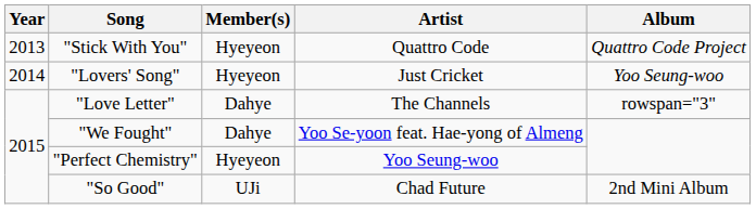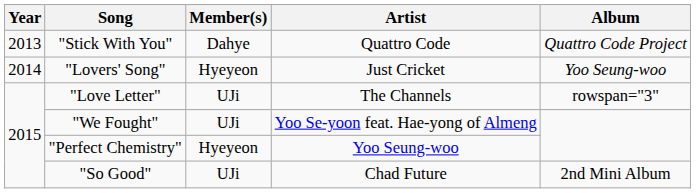 <table class="wikitable plainrowheaders" style="text-align:center">
 <tr>
 <th>Year</th>
 <th>Song</th>
 <th>Member(s)</th>
 <th>Artist</th>
 <th>Album</th>
 </tr>
 <tr>
 <td>2013</td>
 <td>"Stick With You"</td>
-<td>Hyeyeon</td>
+<td>Dahye</td>
 <td>Quattro Code</td>
 <td><em>Quattro Code Project</em></td>
 </tr>
 <tr>
 <td>2014</td>
 <td>"Lovers' Song"</td>
 <td>Hyeyeon</td>
 <td>Just Cricket</td>
 <td><em>Yoo Seung-woo</em></td>
 </tr>
 <tr>
 <td rowspan="4">2015</td>
 <td>"Love Letter"</td>
-<td>Dahye</td>
+<td>UJi</td>
 <td>The Channels</td>
 <td>rowspan="3" </td>
 </tr>
 <tr>
 <td>"We Fought"</td>
-<td>Dahye</td>
+<td>UJi</td>
 <td><a href='#'>Yoo Se-yoon</a> feat. Hae-yong of <a href='#'>Almeng</a></td>
 </tr>
 <tr>
 <td>"Perfect Chemistry"</td>
 <td>Hyeyeon</td>
 <td><a href='#'>Yoo Seung-woo</a></td>
 </tr>
 <tr>
 <td>"So Good"</td>
 <td>UJi</td>
 <td>Chad Future</td>
 <td>2nd Mini Album</td>
 </tr>
 </table>
